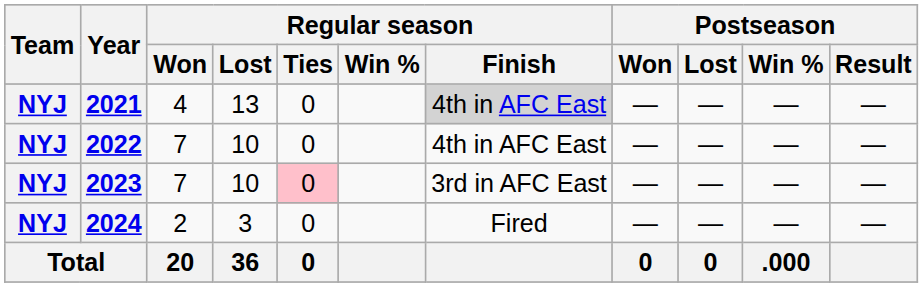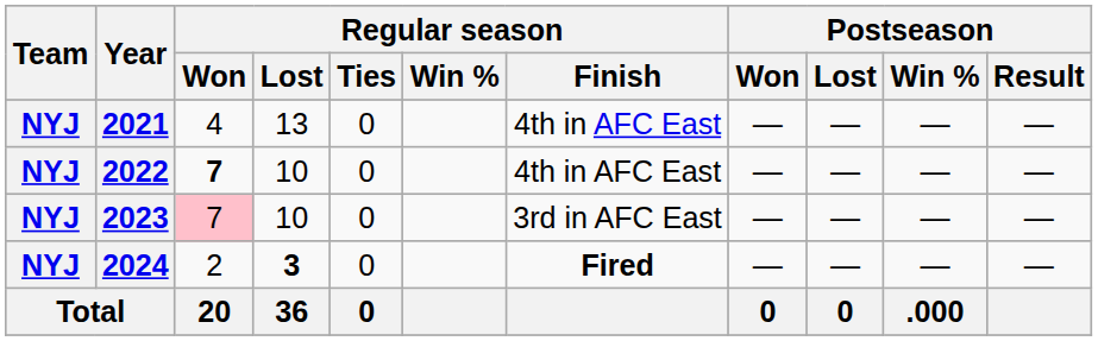 <table class="wikitable" style="font-size: 95%; text-align:center;">
 <tr>
 <th rowspan="2">Team</th>
 <th rowspan="2">Year</th>
 <th colspan="5">Regular season</th>
 <th colspan="4">Postseason</th>
 </tr>
 <tr>
 <th>Won</th>
 <th>Lost</th>
 <th>Ties</th>
 <th>Win %</th>
 <th>Finish</th>
 <th>Won</th>
 <th>Lost</th>
 <th>Win %</th>
 <th>Result</th>
 </tr>
 <tr>
 <th><a href='#'>NYJ</a></th>
 <th><a href='#'>2021</a></th>
 <td>4</td>
 <td>13</td>
 <td>0</td>
 <td></td>
-<td style="background: lightgrey;">4th in <a href='#'>AFC East</a></td>
+<td>4th in <a href='#'>AFC East</a></td>
 <td>—</td>
 <td>—</td>
 <td>—</td>
 <td>—</td>
 </tr>
 <tr>
 <th><a href='#'>NYJ</a></th>
 <th><a href='#'>2022</a></th>
-<td>7</td>
+<td><strong>7</strong></td>
 <td>10</td>
 <td>0</td>
 <td></td>
 <td>4th in AFC East</td>
 <td>—</td>
 <td>—</td>
 <td>—</td>
 <td>—</td>
 </tr>
 <tr>
 <th><a href='#'>NYJ</a></th>
 <th><a href='#'>2023</a></th>
-<td>7</td>
+<td style="background: pink;">7</td>
 <td>10</td>
-<td style="background: pink;">0</td>
+<td>0</td>
 <td></td>
 <td>3rd in AFC East</td>
 <td>—</td>
 <td>—</td>
 <td>—</td>
 <td>—</td>
 </tr>
 <tr>
 <th><a href='#'>NYJ</a></th>
 <th><a href='#'>2024</a></th>
 <td>2</td>
-<td>3</td>
+<td><strong>3</strong></td>
 <td>0</td>
 <td></td>
-<td>Fired</td>
+<td><strong>Fired</strong></td>
 <td>—</td>
 <td>—</td>
 <td>—</td>
 <td>—</td>
 </tr>
 <tr>
 <th colspan="2">Total</th>
 <th>20</th>
 <th>36</th>
 <th>0</th>
 <th></th>
 <th></th>
 <th>0</th>
 <th>0</th>
 <th>.000</th>
 <th></th>
 </tr>
 </table>
